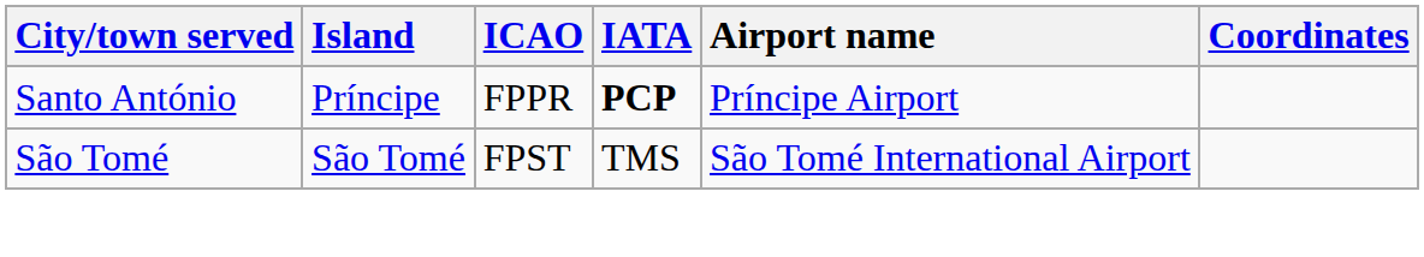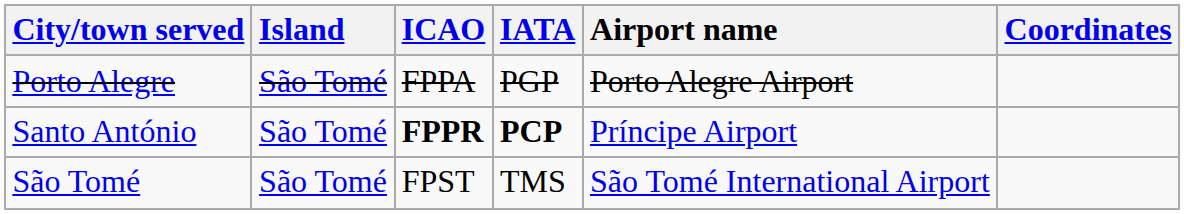 <table class="wikitable sortable">
 <tr valign="baseline">
 <th style="text-align:left; white-space:nowrap;"><a href='#'>City/town served</a></th>
 <th style="text-align:left;"><a href='#'>Island</a></th>
 <th style="text-align:left;"><a href='#'>ICAO</a></th>
 <th style="text-align:left;"><a href='#'>IATA</a></th>
 <th style="text-align:left; white-space:nowrap;">Airport name</th>
 <th style="text-align:left;"><a href='#'>Coordinates</a></th>
 </tr>
+<tr valign="top" style="text-decoration: line-through;">
+<td><a href='#'>Porto Alegre</a></td>
+<td><a href='#'>São Tomé</a></td>
+<td>FPPA</td>
+<td>PGP</td>
+<td>Porto Alegre Airport</td>
+<td></td>
+</tr>
 <tr valign="top">
 <td><a href='#'>Santo António</a></td>
-<td><a href='#'>Príncipe</a></td>
-<td>FPPR</td>
+<td><a href='#'>São Tomé</a></td>
+<td><strong>FPPR</strong></td>
 <td><strong>PCP</strong></td>
 <td><a href='#'>Príncipe Airport</a></td>
 <td></td>
 </tr>
 <tr valign="top">
 <td><a href='#'>São Tomé</a></td>
 <td><a href='#'>São Tomé</a></td>
 <td>FPST</td>
 <td>TMS</td>
 <td><a href='#'>São Tomé International Airport</a></td>
 <td></td>
 </tr>
 </table>
